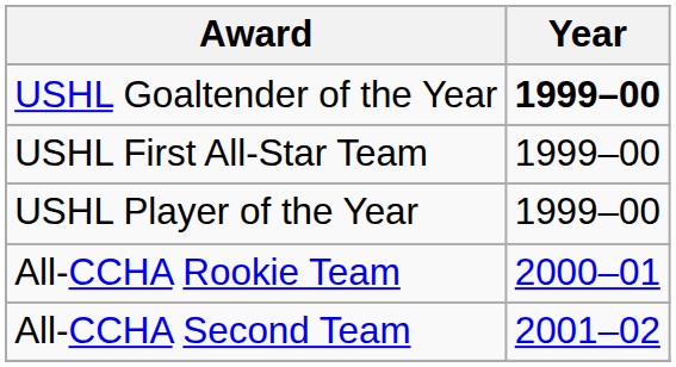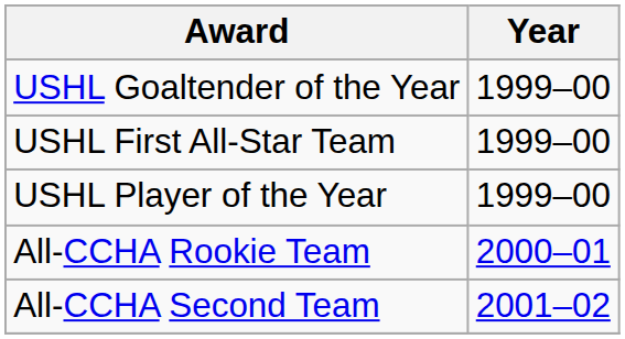 <table class="wikitable">
 <tr>
 <th>Award</th>
 <th>Year</th>
 </tr>
 <tr>
 <td><a href='#'>USHL</a> Goaltender of the Year</td>
-<td><strong>1999–00</strong></td>
+<td>1999–00</td>
 </tr>
 <tr>
 <td>USHL First All-Star Team</td>
 <td>1999–00</td>
 </tr>
 <tr>
 <td>USHL Player of the Year</td>
 <td>1999–00</td>
 </tr>
 <tr>
 <td>All-<a href='#'>CCHA</a> <a href='#'>Rookie Team</a></td>
 <td><a href='#'>2000–01</a></td>
 </tr>
 <tr>
 <td>All-<a href='#'>CCHA</a> <a href='#'>Second Team</a></td>
 <td><a href='#'>2001–02</a></td>
 </tr>
 <tr>
 </tr>
 </table>
